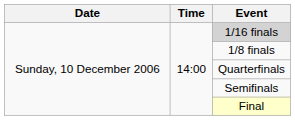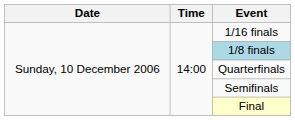 <table class = "wikitable" style="text-align:center;">
 <tr>
 <th width=220>Date</th>
 <th width=50>Time</th>
 <th width=100>Event</th>
 </tr>
 <tr>
 <td rowspan=5>Sunday, 10 December 2006</td>
 <td rowspan=5>14:00</td>
-<td style="background: lightgrey;">1/16 finals</td>
+<td>1/16 finals</td>
 </tr>
 <tr>
-<td>1/8 finals</td>
+<td style="background: lightblue;">1/8 finals</td>
 </tr>
 <tr>
 <td>Quarterfinals</td>
 </tr>
 <tr>
 <td>Semifinals</td>
 </tr>
 <tr>
 <td bgcolor=ffffcc>Final</td>
 </tr>
 </table>
